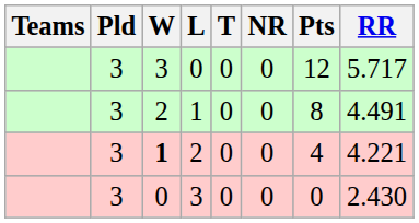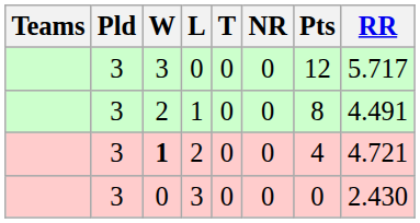 <table class="wikitable" style="text-align:center">
 <tr>
 <th>Teams</th>
 <th>Pld</th>
 <th>W</th>
 <th>L</th>
 <th>T</th>
 <th>NR</th>
 <th>Pts</th>
 <th><a href='#'>RR</a></th>
 </tr>
 <tr style="background:#cfc;">
 <td align=left></td>
 <td>3</td>
 <td>3</td>
 <td>0</td>
 <td>0</td>
 <td>0</td>
 <td>12</td>
 <td>5.717</td>
 </tr>
 <tr style="background:#cfc;">
 <td align=left></td>
 <td>3</td>
 <td>2</td>
 <td>1</td>
 <td>0</td>
 <td>0</td>
 <td>8</td>
 <td>4.491</td>
 </tr>
 <tr style="background:#fcc;">
 <td align=left></td>
 <td>3</td>
 <td><strong>1</strong></td>
 <td>2</td>
 <td>0</td>
 <td>0</td>
 <td>4</td>
-<td>4.221</td>
+<td>4.721</td>
 </tr>
 <tr style="background:#fcc;">
 <td align=left></td>
 <td>3</td>
 <td>0</td>
 <td>3</td>
 <td>0</td>
 <td>0</td>
 <td>0</td>
 <td>2.430</td>
 </tr>
 </table>
